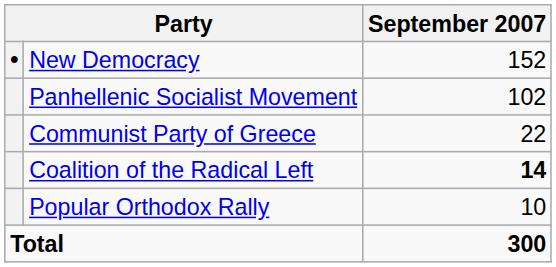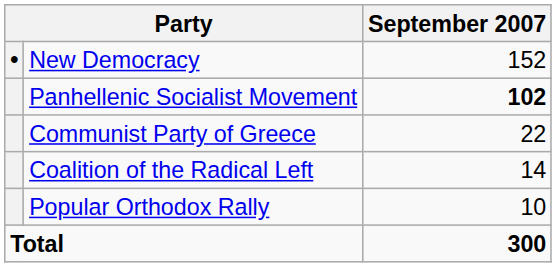 <table class="wikitable" style="font-size: 95%;">
 <tr>
 <th colspan=2>Party</th>
 <th>September 2007</th>
 </tr>
 <tr>
 <th style="background-color: "><span>•</span></th>
 <td><a href='#'>New Democracy</a></td>
 <td align="right">152</td>
 </tr>
 <tr>
 <th style="background-color: "></th>
 <td><a href='#'>Panhellenic Socialist Movement</a></td>
-<td align="right">102</td>
+<td align="right"><strong>102</strong></td>
 </tr>
 <tr>
 <th style="background-color: "></th>
 <td><a href='#'>Communist Party of Greece</a></td>
 <td align="right">22</td>
 </tr>
 <tr>
 <th style="background-color: "></th>
 <td><a href='#'>Coalition of the Radical Left</a></td>
-<td align="right"><strong>14</strong></td>
+<td align="right">14</td>
 </tr>
 <tr>
 <th style="background-color: "></th>
 <td><a href='#'>Popular Orthodox Rally</a></td>
 <td align="right">10</td>
 </tr>
 <tr>
 <td colspan="2"><strong>Total</strong></td>
 <td colspan="2" align="right"><strong>300</strong></td>
 </tr>
 </table>
